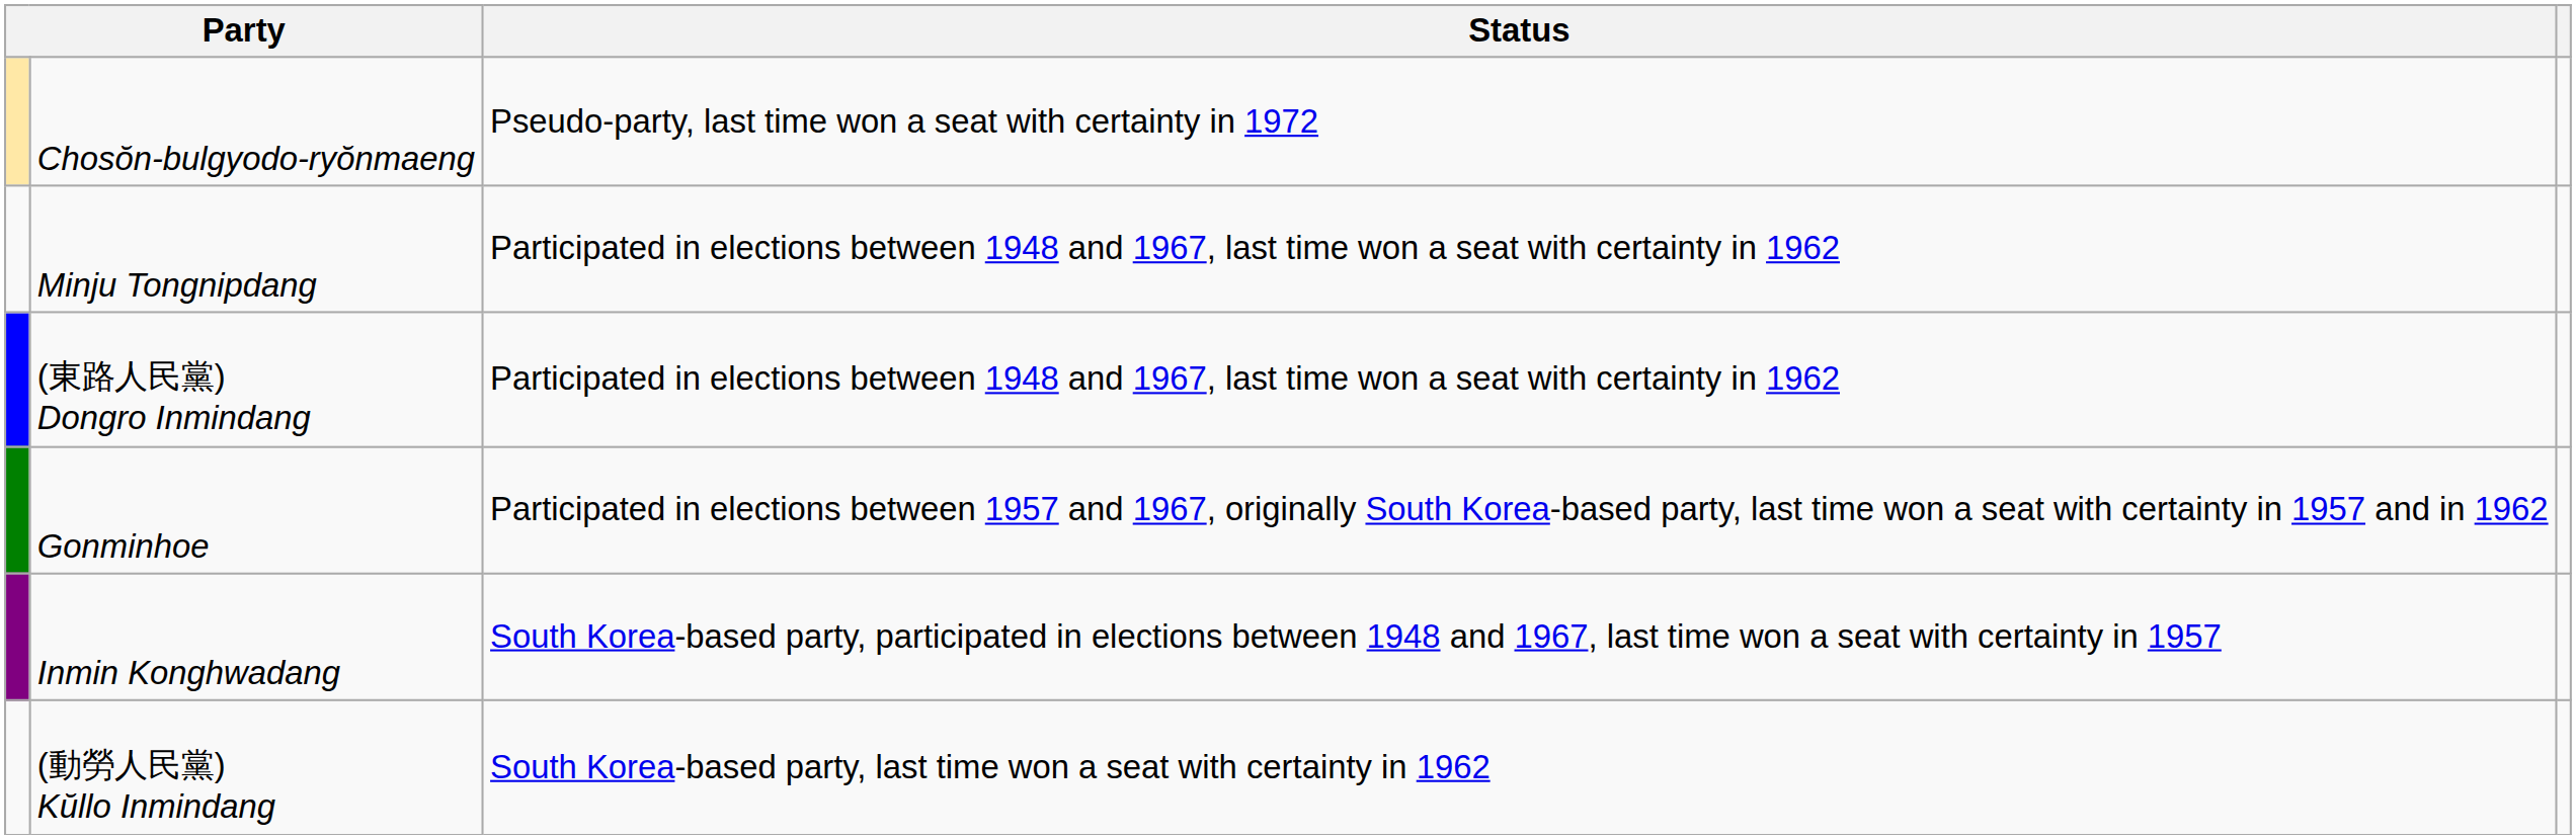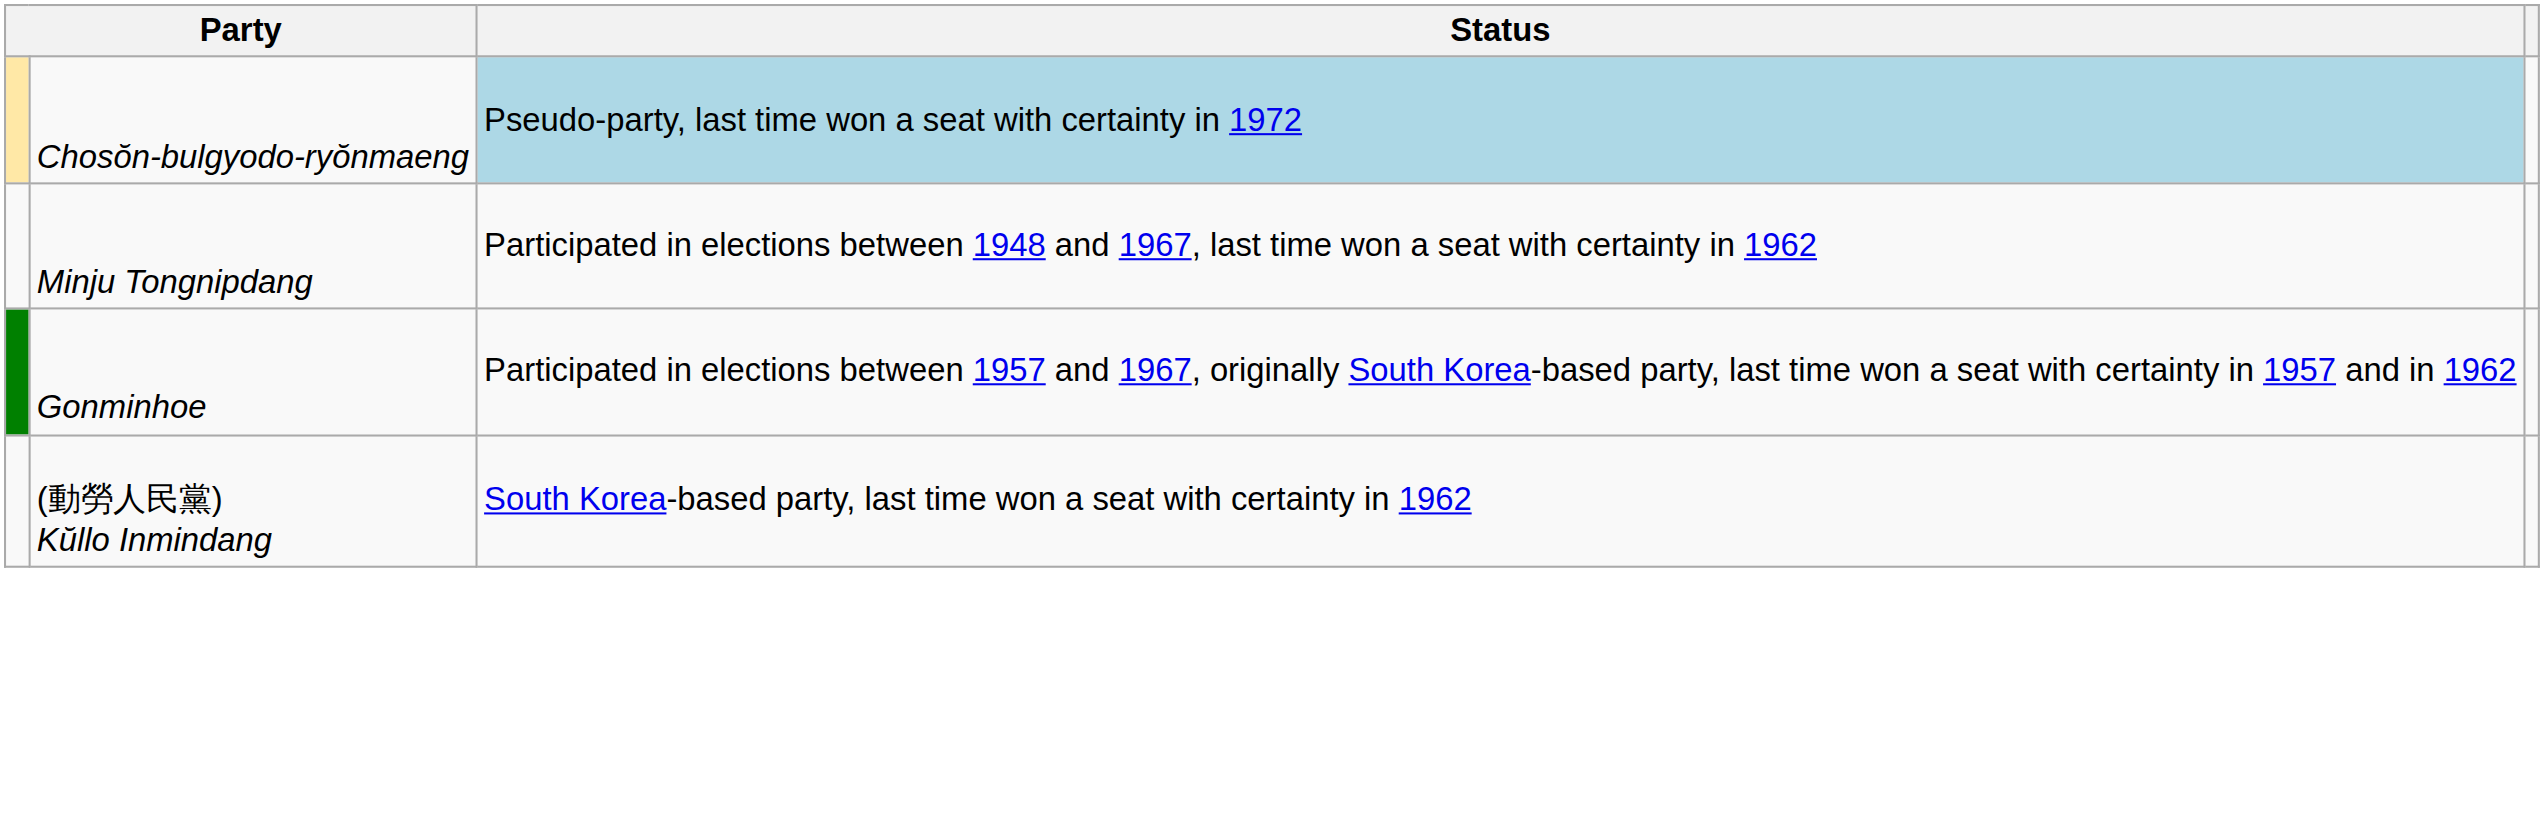 <table class="wikitable">
 <tr>
 <th colspan=2>Party</th>
 <th>Status</th>
 <th class="unsortable"></th>
 </tr>
 <tr>
 <td style="background:#FFE8A6"> </td>
 <td><br><br><em>Chosŏn-bulgyodo-ryŏnmaeng</em></td>
-<td>Pseudo-party, last time won a seat with certainty in <a href='#'>1972</a></td>
+<td style="background: lightblue;">Pseudo-party, last time won a seat with certainty in <a href='#'>1972</a></td>
 <td></td>
 </tr>
 <tr>
 <td style="background:"> </td>
 <td><br><br><em>Minju Tongnipdang</em></td>
-<td>Participated in elections between <a href='#'>1948</a> and <a href='#'>1967</a>, last time won a seat with certainty in <a href='#'>1962</a></td>
-<td></td>
-</tr>
-<tr>
-<td style="background:blue"> </td>
-<td><br> (東路人民黨)<br><em>Dongro Inmindang</em></td>
 <td>Participated in elections between <a href='#'>1948</a> and <a href='#'>1967</a>, last time won a seat with certainty in <a href='#'>1962</a></td>
 <td></td>
 </tr>
 <tr>
 <td style="background:green"> </td>
 <td><br><br><em>Gonminhoe</em></td>
 <td>Participated in elections between <a href='#'>1957</a> and <a href='#'>1967</a>, originally <a href='#'>South Korea</a>-based party, last time won a seat with certainty in <a href='#'>1957</a> and in <a href='#'>1962</a></td>
 <td></td>
 </tr>
 <tr>
-<td style="background:purple"> </td>
-<td><br><br><em>Inmin Konghwadang</em></td>
-<td><a href='#'>South Korea</a>-based party, participated in elections between <a href='#'>1948</a> and <a href='#'>1967</a>, last time won a seat with certainty in <a href='#'>1957</a></td>
-<td></td>
-</tr>
-<tr>
 <td style="background:"> </td>
 <td><br> (動勞人民黨) <br><em>Kŭllo Inmindang</em></td>
 <td><a href='#'>South Korea</a>-based party, last time won a seat with certainty in <a href='#'>1962</a></td>
 <td></td>
 </tr>
 </table>
